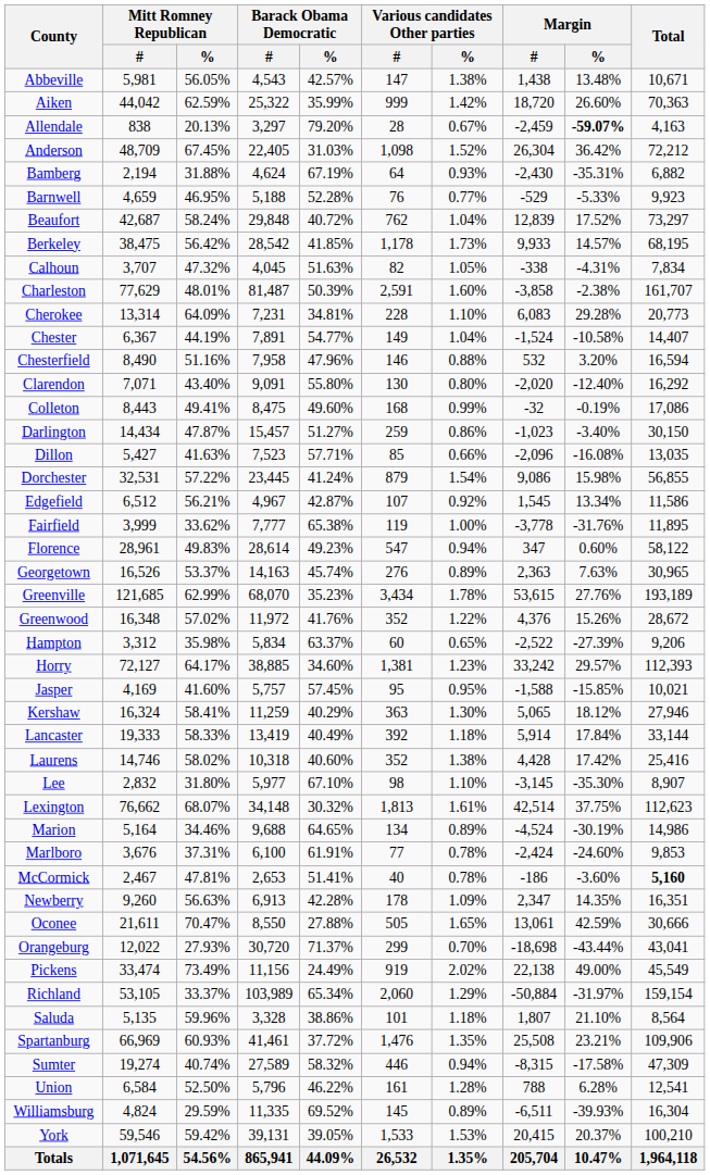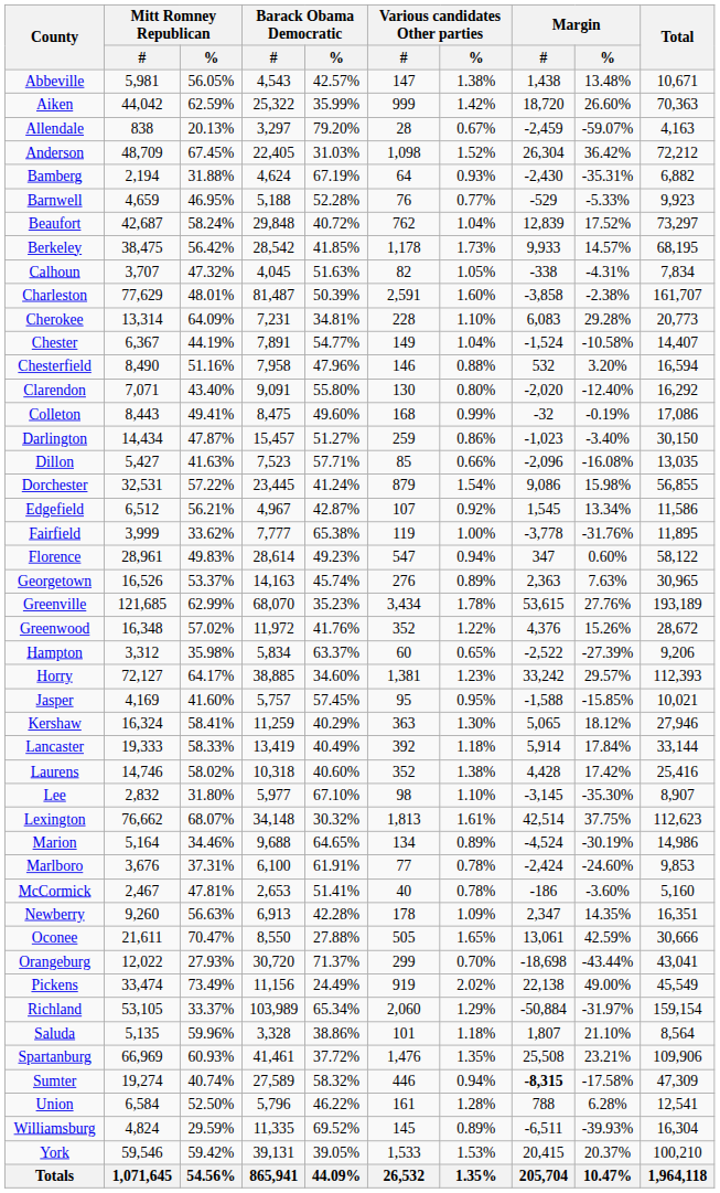 <table width="60%" class="wikitable sortable">
 <tr>
 <th rowspan="2">County</th>
 <th colspan="2">Mitt Romney<br>Republican</th>
 <th colspan="2">Barack Obama<br>Democratic</th>
 <th colspan="2">Various candidates<br>Other parties</th>
 <th colspan="2">Margin</th>
 <th rowspan="2">Total</th>
 </tr>
 <tr>
 <th style="text-align:center;" data-sort-type="number">#</th>
 <th style="text-align:center;" data-sort-type="number">%</th>
 <th style="text-align:center;" data-sort-type="number">#</th>
 <th style="text-align:center;" data-sort-type="number">%</th>
 <th style="text-align:center;" data-sort-type="number">#</th>
 <th style="text-align:center;" data-sort-type="number">%</th>
 <th style="text-align:center;" data-sort-type="number">#</th>
 <th style="text-align:center;" data-sort-type="number">%</th>
 </tr>
 <tr style="text-align:center;">
 <td><a href='#'>Abbeville</a></td>
 <td>5,981</td>
 <td>56.05%</td>
 <td>4,543</td>
 <td>42.57%</td>
 <td>147</td>
 <td>1.38%</td>
 <td>1,438</td>
 <td>13.48%</td>
 <td>10,671</td>
 </tr>
 <tr style="text-align:center;">
 <td><a href='#'>Aiken</a></td>
 <td>44,042</td>
 <td>62.59%</td>
 <td>25,322</td>
 <td>35.99%</td>
 <td>999</td>
 <td>1.42%</td>
 <td>18,720</td>
 <td>26.60%</td>
 <td>70,363</td>
 </tr>
 <tr style="text-align:center;">
 <td><a href='#'>Allendale</a></td>
 <td>838</td>
 <td>20.13%</td>
 <td>3,297</td>
 <td>79.20%</td>
 <td>28</td>
 <td>0.67%</td>
 <td>-2,459</td>
-<td><strong>-59.07%</strong></td>
+<td>-59.07%</td>
 <td>4,163</td>
 </tr>
 <tr style="text-align:center;">
 <td><a href='#'>Anderson</a></td>
 <td>48,709</td>
 <td>67.45%</td>
 <td>22,405</td>
 <td>31.03%</td>
 <td>1,098</td>
 <td>1.52%</td>
 <td>26,304</td>
 <td>36.42%</td>
 <td>72,212</td>
 </tr>
 <tr style="text-align:center;">
 <td><a href='#'>Bamberg</a></td>
 <td>2,194</td>
 <td>31.88%</td>
 <td>4,624</td>
 <td>67.19%</td>
 <td>64</td>
 <td>0.93%</td>
 <td>-2,430</td>
 <td>-35.31%</td>
 <td>6,882</td>
 </tr>
 <tr style="text-align:center;">
 <td><a href='#'>Barnwell</a></td>
 <td>4,659</td>
 <td>46.95%</td>
 <td>5,188</td>
 <td>52.28%</td>
 <td>76</td>
 <td>0.77%</td>
 <td>-529</td>
 <td>-5.33%</td>
 <td>9,923</td>
 </tr>
 <tr style="text-align:center;">
 <td><a href='#'>Beaufort</a></td>
 <td>42,687</td>
 <td>58.24%</td>
 <td>29,848</td>
 <td>40.72%</td>
 <td>762</td>
 <td>1.04%</td>
 <td>12,839</td>
 <td>17.52%</td>
 <td>73,297</td>
 </tr>
 <tr style="text-align:center;">
 <td><a href='#'>Berkeley</a></td>
 <td>38,475</td>
 <td>56.42%</td>
 <td>28,542</td>
 <td>41.85%</td>
 <td>1,178</td>
 <td>1.73%</td>
 <td>9,933</td>
 <td>14.57%</td>
 <td>68,195</td>
 </tr>
 <tr style="text-align:center;">
 <td><a href='#'>Calhoun</a></td>
 <td>3,707</td>
 <td>47.32%</td>
 <td>4,045</td>
 <td>51.63%</td>
 <td>82</td>
 <td>1.05%</td>
 <td>-338</td>
 <td>-4.31%</td>
 <td>7,834</td>
 </tr>
 <tr style="text-align:center;">
 <td><a href='#'>Charleston</a></td>
 <td>77,629</td>
 <td>48.01%</td>
 <td>81,487</td>
 <td>50.39%</td>
 <td>2,591</td>
 <td>1.60%</td>
 <td>-3,858</td>
 <td>-2.38%</td>
 <td>161,707</td>
 </tr>
 <tr style="text-align:center;">
 <td><a href='#'>Cherokee</a></td>
 <td>13,314</td>
 <td>64.09%</td>
 <td>7,231</td>
 <td>34.81%</td>
 <td>228</td>
 <td>1.10%</td>
 <td>6,083</td>
 <td>29.28%</td>
 <td>20,773</td>
 </tr>
 <tr style="text-align:center;">
 <td><a href='#'>Chester</a></td>
 <td>6,367</td>
 <td>44.19%</td>
 <td>7,891</td>
 <td>54.77%</td>
 <td>149</td>
 <td>1.04%</td>
 <td>-1,524</td>
 <td>-10.58%</td>
 <td>14,407</td>
 </tr>
 <tr style="text-align:center;">
 <td><a href='#'>Chesterfield</a></td>
 <td>8,490</td>
 <td>51.16%</td>
 <td>7,958</td>
 <td>47.96%</td>
 <td>146</td>
 <td>0.88%</td>
 <td>532</td>
 <td>3.20%</td>
 <td>16,594</td>
 </tr>
 <tr style="text-align:center;">
 <td><a href='#'>Clarendon</a></td>
 <td>7,071</td>
 <td>43.40%</td>
 <td>9,091</td>
 <td>55.80%</td>
 <td>130</td>
 <td>0.80%</td>
 <td>-2,020</td>
 <td>-12.40%</td>
 <td>16,292</td>
 </tr>
 <tr style="text-align:center;">
 <td><a href='#'>Colleton</a></td>
 <td>8,443</td>
 <td>49.41%</td>
 <td>8,475</td>
 <td>49.60%</td>
 <td>168</td>
 <td>0.99%</td>
 <td>-32</td>
 <td>-0.19%</td>
 <td>17,086</td>
 </tr>
 <tr style="text-align:center;">
 <td><a href='#'>Darlington</a></td>
 <td>14,434</td>
 <td>47.87%</td>
 <td>15,457</td>
 <td>51.27%</td>
 <td>259</td>
 <td>0.86%</td>
 <td>-1,023</td>
 <td>-3.40%</td>
 <td>30,150</td>
 </tr>
 <tr style="text-align:center;">
 <td><a href='#'>Dillon</a></td>
 <td>5,427</td>
 <td>41.63%</td>
 <td>7,523</td>
 <td>57.71%</td>
 <td>85</td>
 <td>0.66%</td>
 <td>-2,096</td>
 <td>-16.08%</td>
 <td>13,035</td>
 </tr>
 <tr style="text-align:center;">
 <td><a href='#'>Dorchester</a></td>
 <td>32,531</td>
 <td>57.22%</td>
 <td>23,445</td>
 <td>41.24%</td>
 <td>879</td>
 <td>1.54%</td>
 <td>9,086</td>
 <td>15.98%</td>
 <td>56,855</td>
 </tr>
 <tr style="text-align:center;">
 <td><a href='#'>Edgefield</a></td>
 <td>6,512</td>
 <td>56.21%</td>
 <td>4,967</td>
 <td>42.87%</td>
 <td>107</td>
 <td>0.92%</td>
 <td>1,545</td>
 <td>13.34%</td>
 <td>11,586</td>
 </tr>
 <tr style="text-align:center;">
 <td><a href='#'>Fairfield</a></td>
 <td>3,999</td>
 <td>33.62%</td>
 <td>7,777</td>
 <td>65.38%</td>
 <td>119</td>
 <td>1.00%</td>
 <td>-3,778</td>
 <td>-31.76%</td>
 <td>11,895</td>
 </tr>
 <tr style="text-align:center;">
 <td><a href='#'>Florence</a></td>
 <td>28,961</td>
 <td>49.83%</td>
 <td>28,614</td>
 <td>49.23%</td>
 <td>547</td>
 <td>0.94%</td>
 <td>347</td>
 <td>0.60%</td>
 <td>58,122</td>
 </tr>
 <tr style="text-align:center;">
 <td><a href='#'>Georgetown</a></td>
 <td>16,526</td>
 <td>53.37%</td>
 <td>14,163</td>
 <td>45.74%</td>
 <td>276</td>
 <td>0.89%</td>
 <td>2,363</td>
 <td>7.63%</td>
 <td>30,965</td>
 </tr>
 <tr style="text-align:center;">
 <td><a href='#'>Greenville</a></td>
 <td>121,685</td>
 <td>62.99%</td>
 <td>68,070</td>
 <td>35.23%</td>
 <td>3,434</td>
 <td>1.78%</td>
 <td>53,615</td>
 <td>27.76%</td>
 <td>193,189</td>
 </tr>
 <tr style="text-align:center;">
 <td><a href='#'>Greenwood</a></td>
 <td>16,348</td>
 <td>57.02%</td>
 <td>11,972</td>
 <td>41.76%</td>
 <td>352</td>
 <td>1.22%</td>
 <td>4,376</td>
 <td>15.26%</td>
 <td>28,672</td>
 </tr>
 <tr style="text-align:center;">
 <td><a href='#'>Hampton</a></td>
 <td>3,312</td>
 <td>35.98%</td>
 <td>5,834</td>
 <td>63.37%</td>
 <td>60</td>
 <td>0.65%</td>
 <td>-2,522</td>
 <td>-27.39%</td>
 <td>9,206</td>
 </tr>
 <tr style="text-align:center;">
 <td><a href='#'>Horry</a></td>
 <td>72,127</td>
 <td>64.17%</td>
 <td>38,885</td>
 <td>34.60%</td>
 <td>1,381</td>
 <td>1.23%</td>
 <td>33,242</td>
 <td>29.57%</td>
 <td>112,393</td>
 </tr>
 <tr style="text-align:center;">
 <td><a href='#'>Jasper</a></td>
 <td>4,169</td>
 <td>41.60%</td>
 <td>5,757</td>
 <td>57.45%</td>
 <td>95</td>
 <td>0.95%</td>
 <td>-1,588</td>
 <td>-15.85%</td>
 <td>10,021</td>
 </tr>
 <tr style="text-align:center;">
 <td><a href='#'>Kershaw</a></td>
 <td>16,324</td>
 <td>58.41%</td>
 <td>11,259</td>
 <td>40.29%</td>
 <td>363</td>
 <td>1.30%</td>
 <td>5,065</td>
 <td>18.12%</td>
 <td>27,946</td>
 </tr>
 <tr style="text-align:center;">
 <td><a href='#'>Lancaster</a></td>
 <td>19,333</td>
 <td>58.33%</td>
 <td>13,419</td>
 <td>40.49%</td>
 <td>392</td>
 <td>1.18%</td>
 <td>5,914</td>
 <td>17.84%</td>
 <td>33,144</td>
 </tr>
 <tr style="text-align:center;">
 <td><a href='#'>Laurens</a></td>
 <td>14,746</td>
 <td>58.02%</td>
 <td>10,318</td>
 <td>40.60%</td>
 <td>352</td>
 <td>1.38%</td>
 <td>4,428</td>
 <td>17.42%</td>
 <td>25,416</td>
 </tr>
 <tr style="text-align:center;">
 <td><a href='#'>Lee</a></td>
 <td>2,832</td>
 <td>31.80%</td>
 <td>5,977</td>
 <td>67.10%</td>
 <td>98</td>
 <td>1.10%</td>
 <td>-3,145</td>
 <td>-35.30%</td>
 <td>8,907</td>
 </tr>
 <tr style="text-align:center;">
 <td><a href='#'>Lexington</a></td>
 <td>76,662</td>
 <td>68.07%</td>
 <td>34,148</td>
 <td>30.32%</td>
 <td>1,813</td>
 <td>1.61%</td>
 <td>42,514</td>
 <td>37.75%</td>
 <td>112,623</td>
 </tr>
 <tr style="text-align:center;">
 <td><a href='#'>Marion</a></td>
 <td>5,164</td>
 <td>34.46%</td>
 <td>9,688</td>
 <td>64.65%</td>
 <td>134</td>
 <td>0.89%</td>
 <td>-4,524</td>
 <td>-30.19%</td>
 <td>14,986</td>
 </tr>
 <tr style="text-align:center;">
 <td><a href='#'>Marlboro</a></td>
 <td>3,676</td>
 <td>37.31%</td>
 <td>6,100</td>
 <td>61.91%</td>
 <td>77</td>
 <td>0.78%</td>
 <td>-2,424</td>
 <td>-24.60%</td>
 <td>9,853</td>
 </tr>
 <tr style="text-align:center;">
 <td><a href='#'>McCormick</a></td>
 <td>2,467</td>
 <td>47.81%</td>
 <td>2,653</td>
 <td>51.41%</td>
 <td>40</td>
 <td>0.78%</td>
 <td>-186</td>
 <td>-3.60%</td>
-<td><strong>5,160</strong></td>
+<td>5,160</td>
 </tr>
 <tr style="text-align:center;">
 <td><a href='#'>Newberry</a></td>
 <td>9,260</td>
 <td>56.63%</td>
 <td>6,913</td>
 <td>42.28%</td>
 <td>178</td>
 <td>1.09%</td>
 <td>2,347</td>
 <td>14.35%</td>
 <td>16,351</td>
 </tr>
 <tr style="text-align:center;">
 <td><a href='#'>Oconee</a></td>
 <td>21,611</td>
 <td>70.47%</td>
 <td>8,550</td>
 <td>27.88%</td>
 <td>505</td>
 <td>1.65%</td>
 <td>13,061</td>
 <td>42.59%</td>
 <td>30,666</td>
 </tr>
 <tr style="text-align:center;">
 <td><a href='#'>Orangeburg</a></td>
 <td>12,022</td>
 <td>27.93%</td>
 <td>30,720</td>
 <td>71.37%</td>
 <td>299</td>
 <td>0.70%</td>
 <td>-18,698</td>
 <td>-43.44%</td>
 <td>43,041</td>
 </tr>
 <tr style="text-align:center;">
 <td><a href='#'>Pickens</a></td>
 <td>33,474</td>
 <td>73.49%</td>
 <td>11,156</td>
 <td>24.49%</td>
 <td>919</td>
 <td>2.02%</td>
 <td>22,138</td>
 <td>49.00%</td>
 <td>45,549</td>
 </tr>
 <tr style="text-align:center;">
 <td><a href='#'>Richland</a></td>
 <td>53,105</td>
 <td>33.37%</td>
 <td>103,989</td>
 <td>65.34%</td>
 <td>2,060</td>
 <td>1.29%</td>
 <td>-50,884</td>
 <td>-31.97%</td>
 <td>159,154</td>
 </tr>
 <tr style="text-align:center;">
 <td><a href='#'>Saluda</a></td>
 <td>5,135</td>
 <td>59.96%</td>
 <td>3,328</td>
 <td>38.86%</td>
 <td>101</td>
 <td>1.18%</td>
 <td>1,807</td>
 <td>21.10%</td>
 <td>8,564</td>
 </tr>
 <tr style="text-align:center;">
 <td><a href='#'>Spartanburg</a></td>
 <td>66,969</td>
 <td>60.93%</td>
 <td>41,461</td>
 <td>37.72%</td>
 <td>1,476</td>
 <td>1.35%</td>
 <td>25,508</td>
 <td>23.21%</td>
 <td>109,906</td>
 </tr>
 <tr style="text-align:center;">
 <td><a href='#'>Sumter</a></td>
 <td>19,274</td>
 <td>40.74%</td>
 <td>27,589</td>
 <td>58.32%</td>
 <td>446</td>
 <td>0.94%</td>
-<td>-8,315</td>
+<td><strong>-8,315</strong></td>
 <td>-17.58%</td>
 <td>47,309</td>
 </tr>
 <tr style="text-align:center;">
 <td><a href='#'>Union</a></td>
 <td>6,584</td>
 <td>52.50%</td>
 <td>5,796</td>
 <td>46.22%</td>
 <td>161</td>
 <td>1.28%</td>
 <td>788</td>
 <td>6.28%</td>
 <td>12,541</td>
 </tr>
 <tr style="text-align:center;">
 <td><a href='#'>Williamsburg</a></td>
 <td>4,824</td>
 <td>29.59%</td>
 <td>11,335</td>
 <td>69.52%</td>
 <td>145</td>
 <td>0.89%</td>
 <td>-6,511</td>
 <td>-39.93%</td>
 <td>16,304</td>
 </tr>
 <tr style="text-align:center;">
 <td><a href='#'>York</a></td>
 <td>59,546</td>
 <td>59.42%</td>
 <td>39,131</td>
 <td>39.05%</td>
 <td>1,533</td>
 <td>1.53%</td>
 <td>20,415</td>
 <td>20.37%</td>
 <td>100,210</td>
 </tr>
 <tr>
 <th>Totals</th>
 <th>1,071,645</th>
 <th>54.56%</th>
 <th>865,941</th>
 <th>44.09%</th>
 <th>26,532</th>
 <th>1.35%</th>
 <th>205,704</th>
 <th>10.47%</th>
 <th>1,964,118</th>
 </tr>
 </table>
